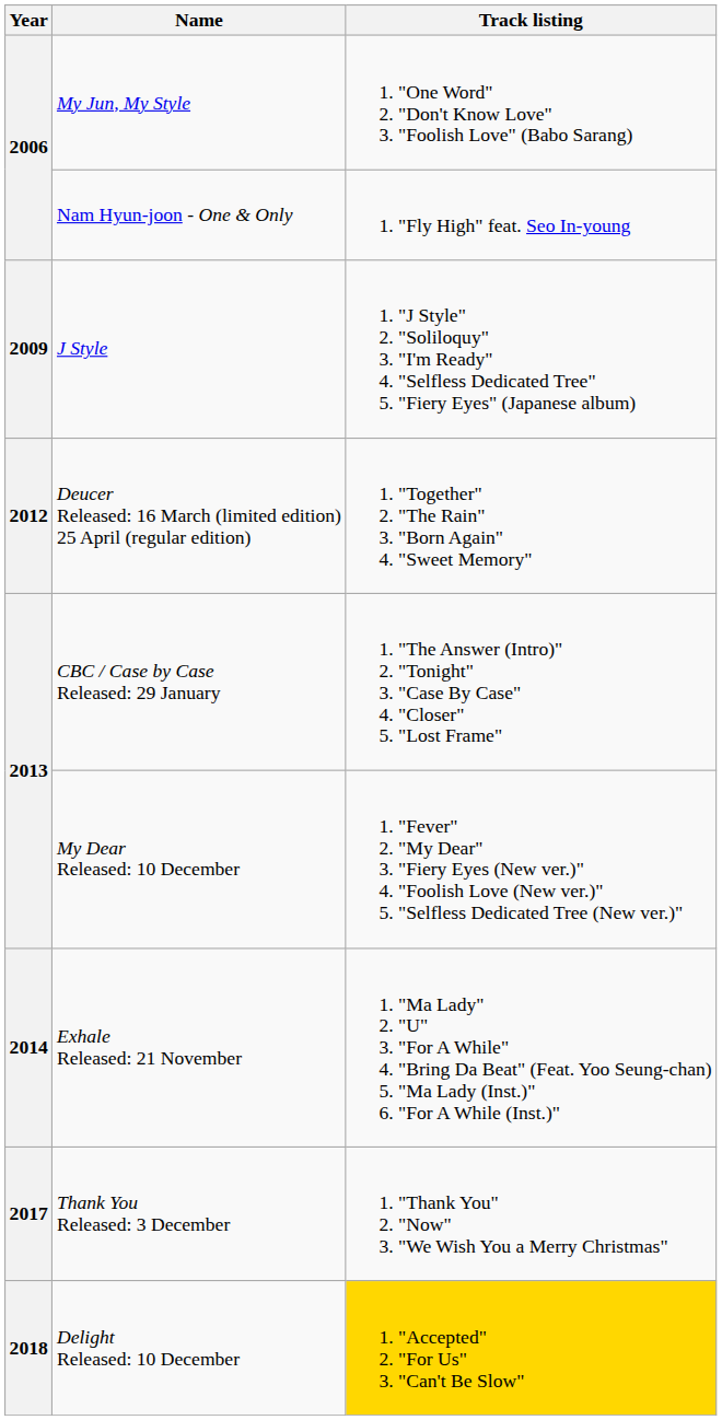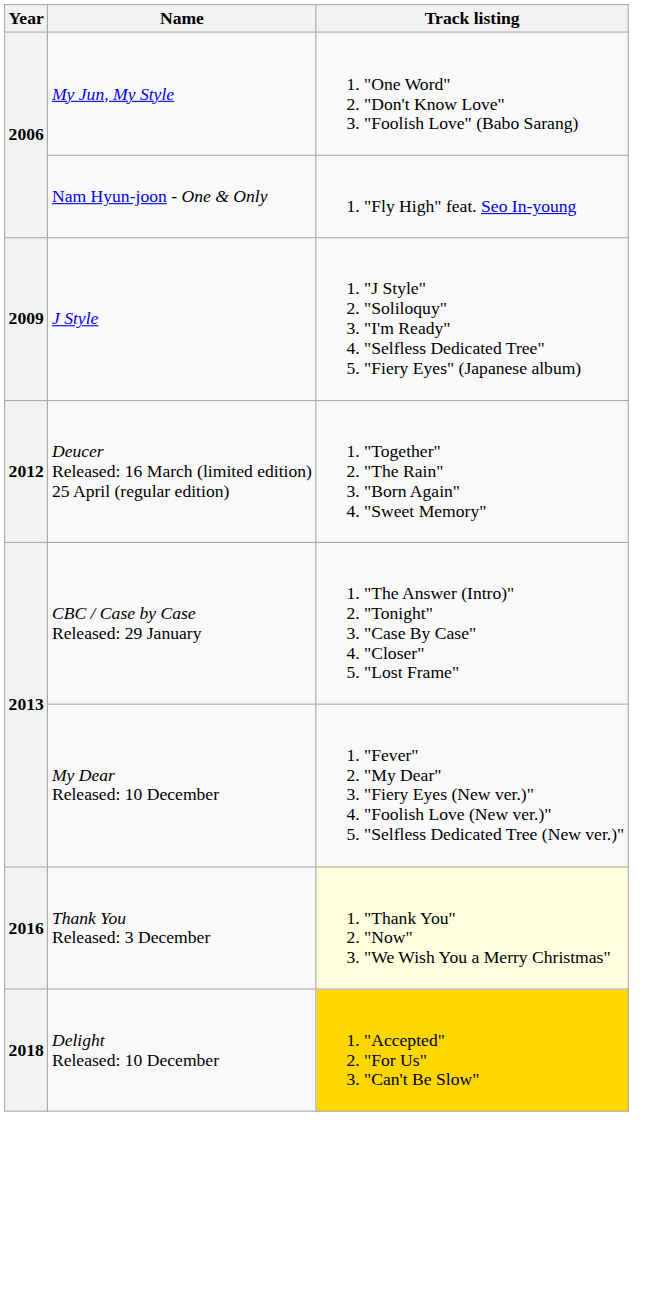 <table class="wikitable plainrowheaders sortable">
 <tr>
 <th scope="col">Year</th>
 <th>Name</th>
 <th>Track listing</th>
 </tr>
 <tr>
 <th scope="row" rowspan="2">2006</th>
 <td><em><a href='#'>My Jun, My Style</a></em></td>
 <td><br><ol><li>"One Word"</li><li>"Don't Know Love"</li><li>"Foolish Love" (Babo Sarang)</li></ol></td>
 </tr>
 <tr>
 <td><a href='#'>Nam Hyun-joon</a> - <em>One & Only</em></td>
 <td><br><ol><li>"Fly High" feat. <a href='#'>Seo In-young</a></li></ol></td>
 </tr>
 <tr>
 <th scope="row">2009</th>
 <td><em><a href='#'>J Style</a></em></td>
 <td><br><ol><li>"J Style"</li><li>"Soliloquy"</li><li>"I'm Ready"</li><li>"Selfless Dedicated Tree"</li><li>"Fiery Eyes" (Japanese album)</li></ol></td>
 </tr>
 <tr>
 <th scope="row">2012</th>
 <td><em>Deucer</em><br>Released: 16 March (limited edition)<br> 25 April (regular edition)</td>
 <td><br><ol><li>"Together"</li><li>"The Rain"</li><li>"Born Again"</li><li>"Sweet Memory"</li></ol></td>
 </tr>
 <tr>
 <th scope="row" rowspan="2">2013</th>
 <td><em>CBC / Case by Case</em><br>Released: 29 January</td>
 <td><br><ol><li>"The Answer (Intro)"</li><li>"Tonight"</li><li>"Case By Case"</li><li>"Closer"</li><li>"Lost Frame"</li></ol></td>
 </tr>
 <tr>
 <td><em>My Dear</em><br>Released: 10 December</td>
 <td><br><ol><li>"Fever"</li><li>"My Dear"</li><li>"Fiery Eyes (New ver.)"</li><li>"Foolish Love (New ver.)"</li><li>"Selfless Dedicated Tree (New ver.)"</li></ol></td>
 </tr>
 <tr>
-<th scope="row">2014</th>
-<td><em>Exhale</em><br>Released: 21 November</td>
-<td><br><ol><li>"Ma Lady"</li><li>"U"</li><li>"For A While"</li><li>"Bring Da Beat" (Feat. Yoo Seung-chan)</li><li>"Ma Lady (Inst.)"</li><li>"For A While (Inst.)"</li></ol></td>
-</tr>
-<tr>
-<th scope="row">2017</th>
+<th scope="row">2016</th>
 <td><em>Thank You</em><br>Released: 3 December</td>
-<td><br><ol><li>"Thank You"</li><li>"Now"</li><li>"We Wish You a Merry Christmas"</li></ol></td>
+<td style="background: lightyellow;"><br><ol><li>"Thank You"</li><li>"Now"</li><li>"We Wish You a Merry Christmas"</li></ol></td>
 </tr>
 <tr>
 <th scope="row">2018</th>
 <td><em>Delight</em><br>Released: 10 December</td>
 <td style="background: gold;"><br><ol><li>"Accepted"</li><li>"For Us"</li><li>"Can't Be Slow"</li></ol></td>
 </tr>
 </table>
